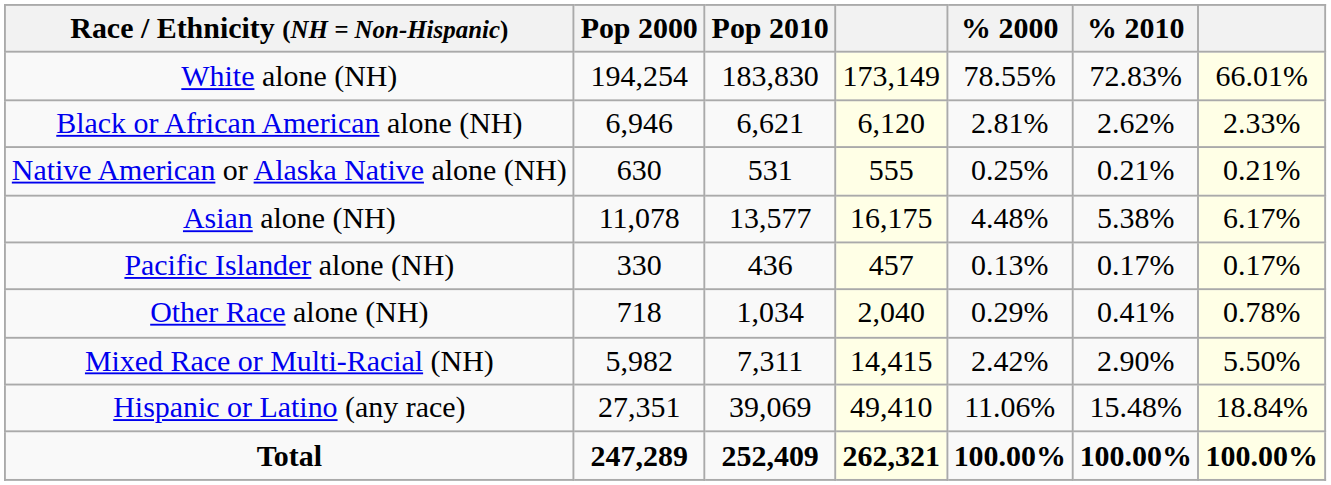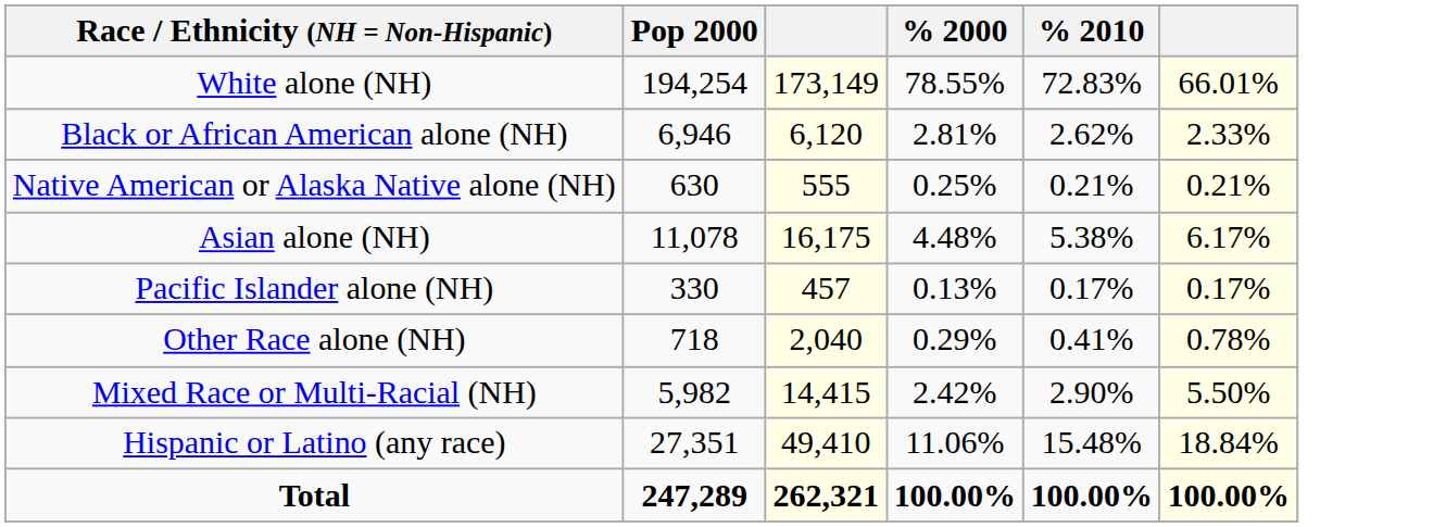 <table class="wikitable" style="text-align:center;">
 <tr>
 <th>Race / Ethnicity <small>(<em>NH = Non-Hispanic</em>)</small></th>
 <th>Pop 2000</th>
-<th>Pop 2010</th>
 <th></th>
 <th>% 2000</th>
 <th>% 2010</th>
 <th></th>
 </tr>
 <tr>
 <td><a href='#'>White</a> alone (NH)</td>
 <td>194,254</td>
-<td>183,830</td>
 <td style='background: #ffffe6;'>173,149</td>
 <td>78.55%</td>
 <td>72.83%</td>
 <td style='background: #ffffe6;'>66.01%</td>
 </tr>
 <tr>
 <td><a href='#'>Black or African American</a> alone (NH)</td>
 <td>6,946</td>
-<td>6,621</td>
 <td style='background: #ffffe6;'>6,120</td>
 <td>2.81%</td>
 <td>2.62%</td>
 <td style='background: #ffffe6;'>2.33%</td>
 </tr>
 <tr>
 <td><a href='#'>Native American</a> or <a href='#'>Alaska Native</a> alone (NH)</td>
 <td>630</td>
-<td>531</td>
 <td style='background: #ffffe6;'>555</td>
 <td>0.25%</td>
 <td>0.21%</td>
 <td style='background: #ffffe6;'>0.21%</td>
 </tr>
 <tr>
 <td><a href='#'>Asian</a> alone (NH)</td>
 <td>11,078</td>
-<td>13,577</td>
 <td style='background: #ffffe6;'>16,175</td>
 <td>4.48%</td>
 <td>5.38%</td>
 <td style='background: #ffffe6;'>6.17%</td>
 </tr>
 <tr>
 <td><a href='#'>Pacific Islander</a> alone (NH)</td>
 <td>330</td>
-<td>436</td>
 <td style='background: #ffffe6;'>457</td>
 <td>0.13%</td>
 <td>0.17%</td>
 <td style='background: #ffffe6;'>0.17%</td>
 </tr>
 <tr>
 <td><a href='#'>Other Race</a> alone (NH)</td>
 <td>718</td>
-<td>1,034</td>
 <td style='background: #ffffe6;'>2,040</td>
 <td>0.29%</td>
 <td>0.41%</td>
 <td style='background: #ffffe6;'>0.78%</td>
 </tr>
 <tr>
 <td><a href='#'>Mixed Race or Multi-Racial</a> (NH)</td>
 <td>5,982</td>
-<td>7,311</td>
 <td style='background: #ffffe6;'>14,415</td>
 <td>2.42%</td>
 <td>2.90%</td>
 <td style='background: #ffffe6;'>5.50%</td>
 </tr>
 <tr>
 <td><a href='#'>Hispanic or Latino</a> (any race)</td>
 <td>27,351</td>
-<td>39,069</td>
 <td style='background: #ffffe6;'>49,410</td>
 <td>11.06%</td>
 <td>15.48%</td>
 <td style='background: #ffffe6;'>18.84%</td>
 </tr>
 <tr>
 <td><strong>Total</strong></td>
 <td><strong>247,289</strong></td>
-<td><strong>252,409</strong></td>
 <td style='background: #ffffe6;'><strong>262,321</strong></td>
 <td><strong>100.00%</strong></td>
 <td><strong>100.00%</strong></td>
 <td style='background: #ffffe6;'><strong>100.00%</strong></td>
 </tr>
 </table>
